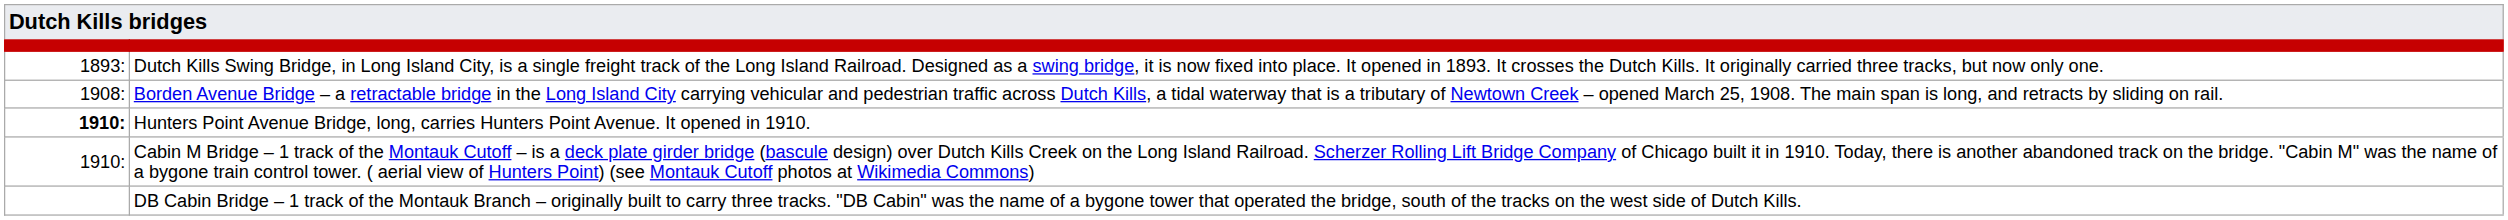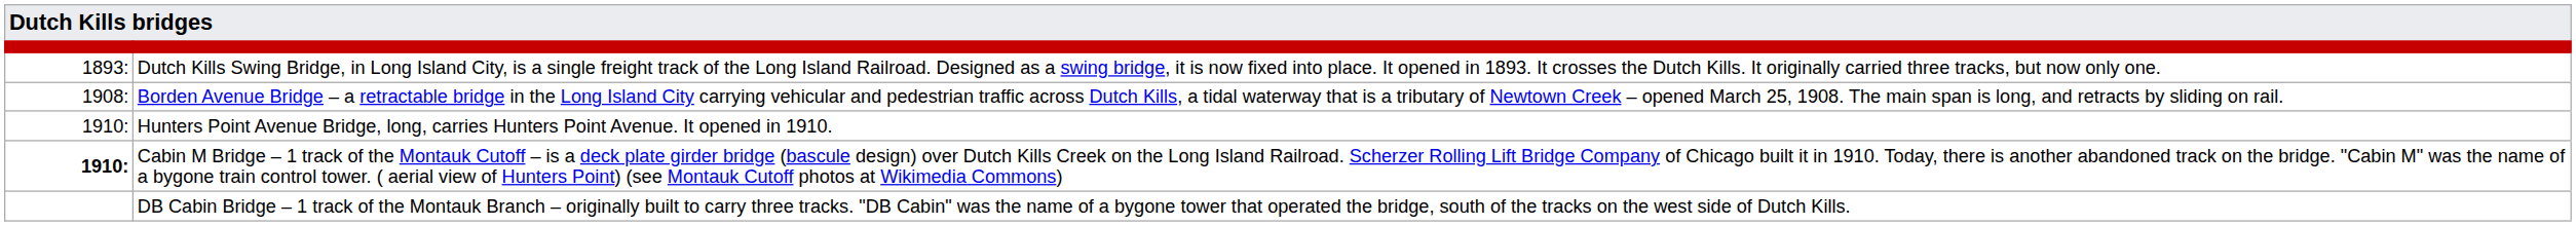 <table class="wikitable sortable collapsible static-row-numbers" cellpadding="1" style="color: black; background-color: #FFFFFF; font-size: 90%; width:100%">
 <tr class="static-row-header" style="text-align:center;vertical-align:bottom;">
 <th style="text-align:left; background:#eaecf0; border-style: solid; border-width: 0px 0px 0px 0px" colspan=2><big><strong>Dutch Kills bridges</strong></big></th>
 </tr>
 <tr style="border-style: solid; border-color: #c60001; border-width: 10px 0px 0px 0px;">
 <td width="5%" style="text-align:right;">1893:</td>
 <td width="95%" style="text-align:left; border: 1px darkgray; border-style: none none solid none;">Dutch Kills Swing Bridge, in Long Island City, is a single freight track of the Long Island Railroad. Designed as a <a href='#'>swing bridge</a>, it is now fixed into place. It opened in 1893. It crosses the Dutch Kills. It originally carried three tracks, but now only one.</td>
 </tr>
 <tr>
 <td width="5%" style="text-align:right">1908:</td>
 <td width="95%" style="text-align:left; border: 1px darkgray; border-style: none none solid none;"><a href='#'>Borden Avenue Bridge</a> – a <a href='#'>retractable bridge</a> in the <a href='#'>Long Island City</a> carrying vehicular and pedestrian traffic across <a href='#'>Dutch Kills</a>, a tidal waterway that is a tributary of <a href='#'>Newtown Creek</a> – opened March 25, 1908. The main span is  long, and retracts by sliding on rail.</td>
 </tr>
 <tr>
-<td width="5%" style="text-align:right"><strong>1910:</strong></td>
+<td width="5%" style="text-align:right">1910:</td>
 <td width="95%" style="text-align:left; border: 1px darkgray; border-style: none none solid none;">Hunters Point Avenue Bridge,  long, carries Hunters Point Avenue. It opened in 1910.</td>
 </tr>
 <tr>
-<td width="5%" style="text-align:right">1910:</td>
+<td width="5%" style="text-align:right"><strong>1910:</strong></td>
 <td width="95%" style="text-align:left; border: 1px darkgray; border-style: none none solid none;">Cabin M Bridge – 1 track of the <a href='#'>Montauk Cutoff</a> – is a <a href='#'>deck plate girder bridge</a> (<a href='#'>bascule</a> design) over Dutch Kills Creek on the Long Island Railroad. <a href='#'>Scherzer Rolling Lift Bridge Company</a> of Chicago built it in 1910. Today, there is another abandoned track on the bridge. "Cabin M" was the name of a bygone train control tower. ( aerial view of <a href='#'>Hunters Point</a>) (see <a href='#'>Montauk Cutoff</a> photos at <a href='#'>Wikimedia Commons</a>)</td>
 </tr>
 <tr>
 <td width="5%" style="text-align:right"></td>
 <td width="95%" style="text-align:left; border: 1px darkgray; border-style: none none solid none;">DB Cabin Bridge – 1 track of the Montauk Branch – originally built to carry three tracks. "DB Cabin" was the name of a bygone tower that operated the bridge, south of the tracks on the west side of Dutch Kills.</td>
 </tr>
 </table>
